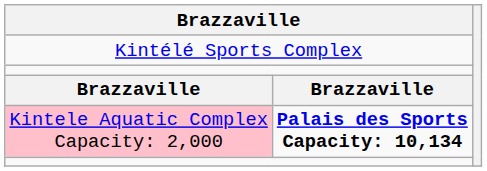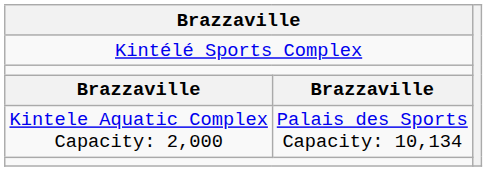 <table class="wikitable" style="text-align:center;margin:1em auto;">
 <tr>
 <th style="border-left:none;" colspan="2">Brazzaville</th>
 <th rowspan=6></th>
 </tr>
 <tr>
 <td style="border-left:none;" colspan="2"><a href='#'>Kintélé Sports Complex</a></td>
 </tr>
 <tr>
 <td style="border:none;" colspan=2></td>
 </tr>
 <tr>
 <th style="border-left:none;">Brazzaville</th>
 <th style="border-left:none;">Brazzaville</th>
 </tr>
 <tr>
-<td style="background: pink; border-left:none;"><a href='#'>Kintele Aquatic Complex</a><br>Capacity: 2,000</td>
-<td style="border-left:none;"><strong><a href='#'>Palais des Sports</a><br>Capacity: 10,134</strong></td>
+<td style="border-left:none;"><a href='#'>Kintele Aquatic Complex</a><br>Capacity: 2,000</td>
+<td style="border-left:none;"><a href='#'>Palais des Sports</a><br>Capacity: 10,134</td>
 </tr>
 <tr>
 <td style="border:none;"></td>
 <td style="border:none;"></td>
 </tr>
 </table>
